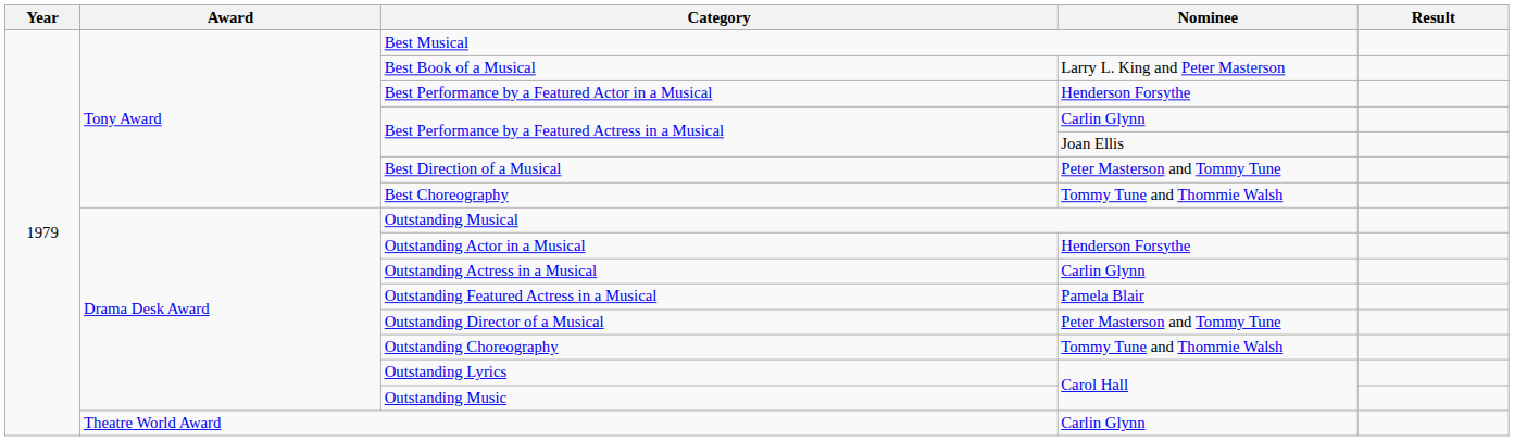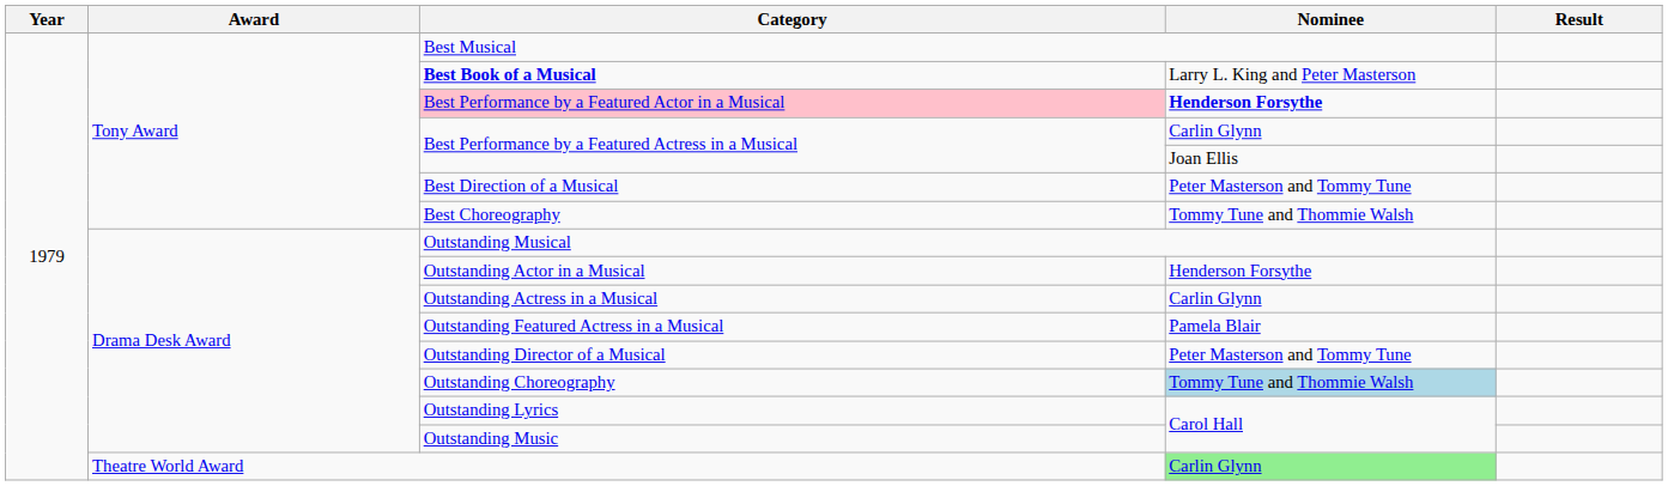 <table class="wikitable" width="95%">
 <tr>
 <th width="5%">Year</th>
 <th width="20%">Award</th>
 <th width="45%">Category</th>
 <th width="20%">Nominee</th>
 <th width="10%">Result</th>
 </tr>
 <tr>
 <td rowspan="16" align="center">1979</td>
 <td rowspan="7"><a href='#'>Tony Award</a></td>
 <td colspan="2"><a href='#'>Best Musical</a></td>
 <td></td>
 </tr>
 <tr>
-<td><a href='#'>Best Book of a Musical</a></td>
+<td><strong><a href='#'>Best Book of a Musical</a></strong></td>
 <td>Larry L. King and <a href='#'>Peter Masterson</a></td>
 <td></td>
 </tr>
 <tr>
-<td><a href='#'>Best Performance by a Featured Actor in a Musical</a></td>
-<td><a href='#'>Henderson Forsythe</a></td>
+<td style="background: pink;"><a href='#'>Best Performance by a Featured Actor in a Musical</a></td>
+<td><strong><a href='#'>Henderson Forsythe</a></strong></td>
 <td></td>
 </tr>
 <tr>
 <td rowspan="2"><a href='#'>Best Performance by a Featured Actress in a Musical</a></td>
 <td><a href='#'>Carlin Glynn</a></td>
 <td></td>
 </tr>
 <tr>
 <td>Joan Ellis</td>
 <td></td>
 </tr>
 <tr>
 <td><a href='#'>Best Direction of a Musical</a></td>
 <td><a href='#'>Peter Masterson</a> and <a href='#'>Tommy Tune</a></td>
 <td></td>
 </tr>
 <tr>
 <td><a href='#'>Best Choreography</a></td>
 <td><a href='#'>Tommy Tune</a> and <a href='#'>Thommie Walsh</a></td>
 <td></td>
 </tr>
 <tr>
 <td rowspan="8"><a href='#'>Drama Desk Award</a></td>
 <td colspan="2"><a href='#'>Outstanding Musical</a></td>
 <td></td>
 </tr>
 <tr>
 <td><a href='#'>Outstanding Actor in a Musical</a></td>
 <td><a href='#'>Henderson Forsythe</a></td>
 <td></td>
 </tr>
 <tr>
 <td><a href='#'>Outstanding Actress in a Musical</a></td>
 <td><a href='#'>Carlin Glynn</a></td>
 <td></td>
 </tr>
 <tr>
 <td><a href='#'>Outstanding Featured Actress in a Musical</a></td>
 <td><a href='#'>Pamela Blair</a></td>
 <td></td>
 </tr>
 <tr>
 <td><a href='#'>Outstanding Director of a Musical</a></td>
 <td><a href='#'>Peter Masterson</a> and <a href='#'>Tommy Tune</a></td>
 <td></td>
 </tr>
 <tr>
 <td><a href='#'>Outstanding Choreography</a></td>
-<td><a href='#'>Tommy Tune</a> and <a href='#'>Thommie Walsh</a></td>
+<td style="background: lightblue;"><a href='#'>Tommy Tune</a> and <a href='#'>Thommie Walsh</a></td>
 <td></td>
 </tr>
 <tr>
 <td><a href='#'>Outstanding Lyrics</a></td>
 <td rowspan="2"><a href='#'>Carol Hall</a></td>
 <td></td>
 </tr>
 <tr>
 <td><a href='#'>Outstanding Music</a></td>
 <td></td>
 </tr>
 <tr>
 <td colspan="2"><a href='#'>Theatre World Award</a></td>
-<td><a href='#'>Carlin Glynn</a></td>
+<td style="background: lightgreen;"><a href='#'>Carlin Glynn</a></td>
 <td></td>
 </tr>
 </table>
